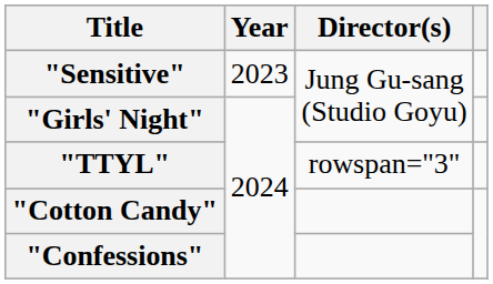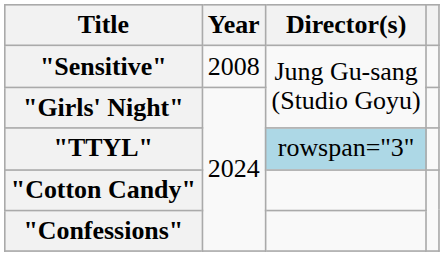 <table class="wikitable plainrowheaders" style="text-align:center">
 <tr>
 <th scope="col">Title</th>
 <th scope="col">Year</th>
 <th scope="col">Director(s)</th>
 <th scope="col" class="unsortable"></th>
 </tr>
 <tr>
 <th scope="row">"Sensitive"</th>
-<td>2023</td>
+<td>2008</td>
 <td rowspan="2">Jung Gu-sang<br>(Studio Goyu)</td>
 <td></td>
 </tr>
 <tr>
 <th scope="row">"Girls' Night"</th>
 <td rowspan="4">2024</td>
 <td></td>
 </tr>
 <tr>
 <th scope="row">"TTYL"</th>
-<td>rowspan="3" </td>
+<td style="background: lightblue;">rowspan="3" </td>
 <td></td>
 </tr>
 <tr>
 <th scope="row">"Cotton Candy"</th>
 <td></td>
 </tr>
 <tr>
 <th scope="row">"Confessions"</th>
 <td></td>
 </tr>
 </table>
